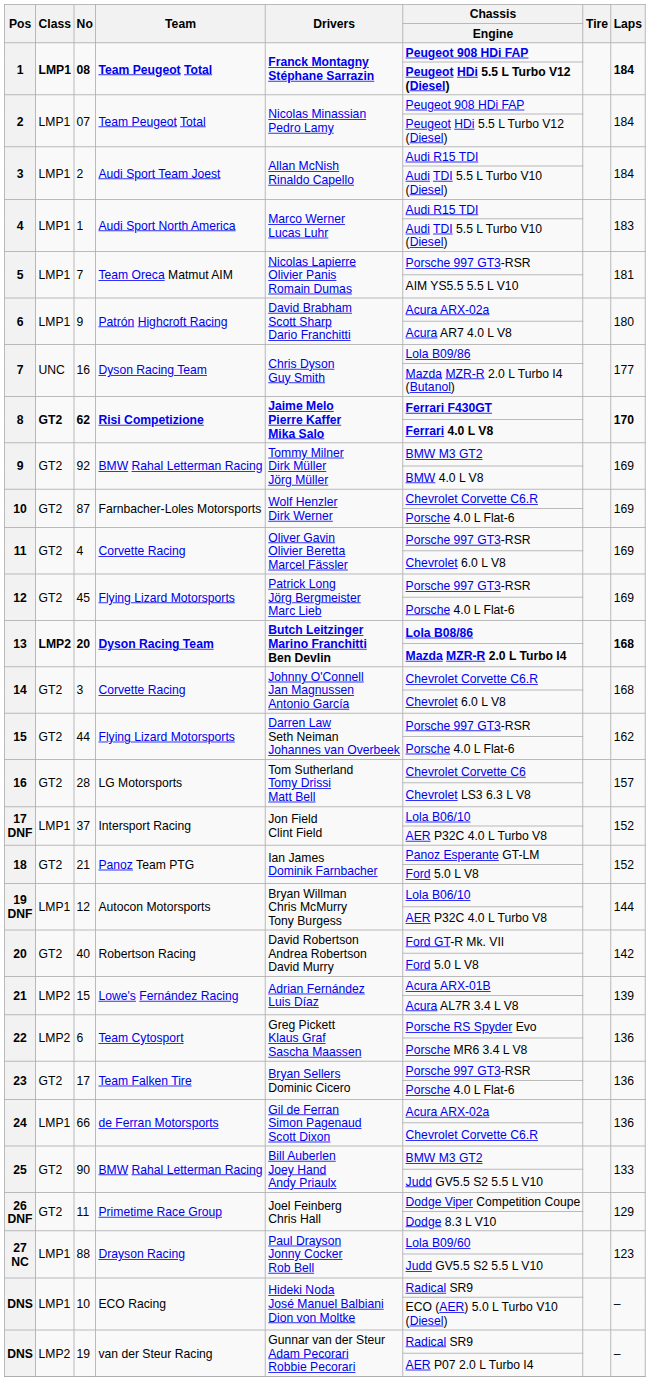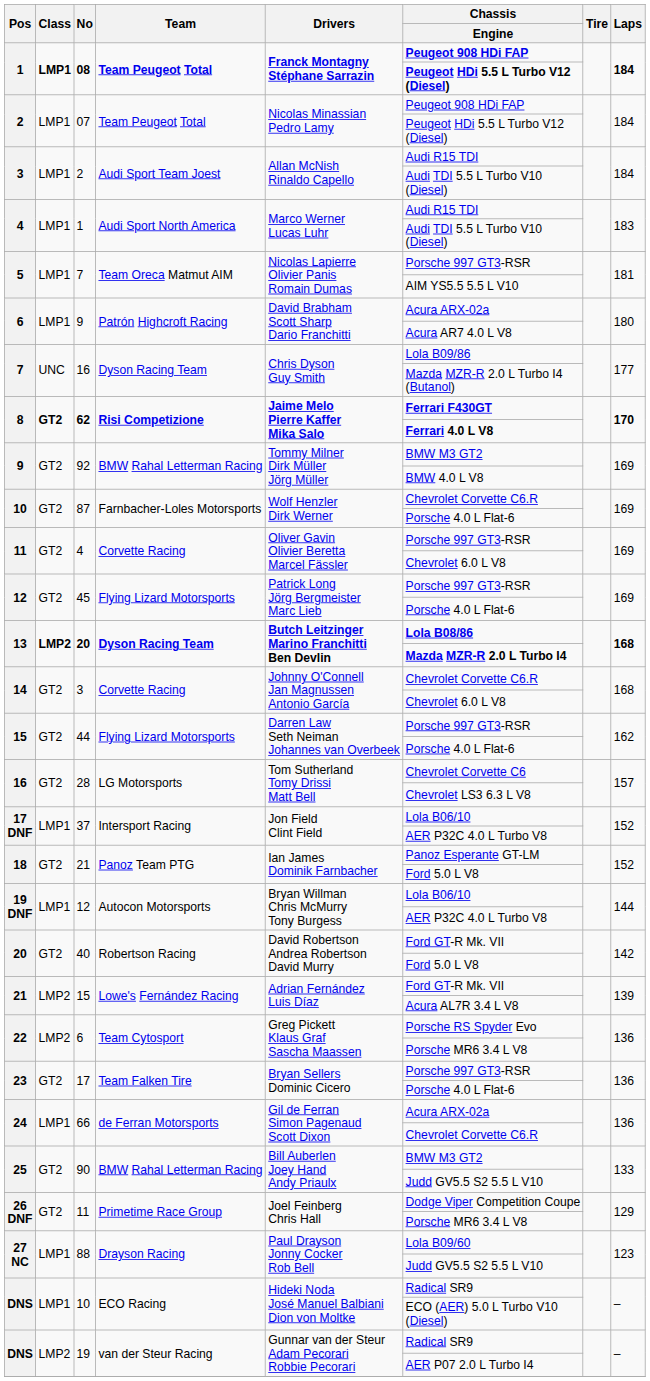 <table class="wikitable" style="font-size: 95%;">
 <tr>
 <th rowspan=2>Pos</th>
 <th rowspan=2>Class</th>
 <th rowspan=2>No</th>
 <th rowspan=2>Team</th>
 <th rowspan=2>Drivers</th>
 <th>Chassis</th>
 <th rowspan=2>Tire</th>
 <th rowspan=2>Laps</th>
 </tr>
 <tr>
 <th>Engine</th>
 </tr>
 <tr style="font-weight:bold">
 <th rowspan=2>1</th>
 <td rowspan=2>LMP1</td>
 <td rowspan=2>08</td>
 <td rowspan=2> <a href='#'>Team Peugeot</a> <a href='#'>Total</a></td>
 <td rowspan=2> <a href='#'>Franck Montagny</a><br> <a href='#'>Stéphane Sarrazin</a></td>
 <td><a href='#'>Peugeot 908 HDi FAP</a></td>
 <td rowspan=2></td>
 <td rowspan=2>184</td>
 </tr>
 <tr style="font-weight:bold">
 <td><a href='#'>Peugeot</a> <a href='#'>HDi</a> 5.5 L Turbo V12<br>(<a href='#'>Diesel</a>)</td>
 </tr>
 <tr>
 <th rowspan=2>2</th>
 <td rowspan=2>LMP1</td>
 <td rowspan=2>07</td>
 <td rowspan=2> <a href='#'>Team Peugeot</a> <a href='#'>Total</a></td>
 <td rowspan=2> <a href='#'>Nicolas Minassian</a><br> <a href='#'>Pedro Lamy</a></td>
 <td><a href='#'>Peugeot 908 HDi FAP</a></td>
 <td rowspan=2></td>
 <td rowspan=2>184</td>
 </tr>
 <tr>
 <td><a href='#'>Peugeot</a> <a href='#'>HDi</a> 5.5 L Turbo V12<br>(<a href='#'>Diesel</a>)</td>
 </tr>
 <tr>
 <th rowspan=2>3</th>
 <td rowspan=2>LMP1</td>
 <td rowspan=2>2</td>
 <td rowspan=2> <a href='#'>Audi Sport Team Joest</a></td>
 <td rowspan=2> <a href='#'>Allan McNish</a><br> <a href='#'>Rinaldo Capello</a></td>
 <td><a href='#'>Audi R15 TDI</a></td>
 <td rowspan=2></td>
 <td rowspan=2>184</td>
 </tr>
 <tr>
 <td><a href='#'>Audi</a> <a href='#'>TDI</a> 5.5 L Turbo V10<br>(<a href='#'>Diesel</a>)</td>
 </tr>
 <tr>
 <th rowspan=2>4</th>
 <td rowspan=2>LMP1</td>
 <td rowspan=2>1</td>
 <td rowspan=2> <a href='#'>Audi Sport North America</a></td>
 <td rowspan=2> <a href='#'>Marco Werner</a><br> <a href='#'>Lucas Luhr</a></td>
 <td><a href='#'>Audi R15 TDI</a></td>
 <td rowspan=2></td>
 <td rowspan=2>183</td>
 </tr>
 <tr>
 <td><a href='#'>Audi</a> <a href='#'>TDI</a> 5.5 L Turbo V10<br>(<a href='#'>Diesel</a>)</td>
 </tr>
 <tr>
 <th rowspan=2>5</th>
 <td rowspan=2>LMP1</td>
 <td rowspan=2>7</td>
 <td rowspan=2> <a href='#'>Team Oreca</a> Matmut AIM</td>
 <td rowspan=2> <a href='#'>Nicolas Lapierre</a><br> <a href='#'>Olivier Panis</a><br> <a href='#'>Romain Dumas</a></td>
 <td><a href='#'>Porsche 997 GT3</a>-RSR</td>
 <td rowspan=2></td>
 <td rowspan=2>181</td>
 </tr>
 <tr>
 <td>AIM YS5.5 5.5 L V10</td>
 </tr>
 <tr>
 <th rowspan=2>6</th>
 <td rowspan=2>LMP1</td>
 <td rowspan=2>9</td>
 <td rowspan=2> <a href='#'>Patrón</a> <a href='#'>Highcroft Racing</a></td>
 <td rowspan=2> <a href='#'>David Brabham</a><br> <a href='#'>Scott Sharp</a><br> <a href='#'>Dario Franchitti</a></td>
 <td><a href='#'>Acura ARX-02a</a></td>
 <td rowspan=2></td>
 <td rowspan=2>180</td>
 </tr>
 <tr>
 <td><a href='#'>Acura</a> AR7 4.0 L V8</td>
 </tr>
 <tr>
 <th rowspan=2>7</th>
 <td rowspan=2>UNC</td>
 <td rowspan=2>16</td>
 <td rowspan=2> <a href='#'>Dyson Racing Team</a></td>
 <td rowspan=2> <a href='#'>Chris Dyson</a><br> <a href='#'>Guy Smith</a></td>
 <td><a href='#'>Lola B09/86</a></td>
 <td rowspan=2></td>
 <td rowspan=2>177</td>
 </tr>
 <tr>
 <td><a href='#'>Mazda</a> <a href='#'>MZR-R</a> 2.0 L Turbo I4<br>(<a href='#'>Butanol</a>)</td>
 </tr>
 <tr style="font-weight:bold">
 <th rowspan=2>8</th>
 <td rowspan=2>GT2</td>
 <td rowspan=2>62</td>
 <td rowspan=2> <a href='#'>Risi Competizione</a></td>
 <td rowspan=2> <a href='#'>Jaime Melo</a><br> <a href='#'>Pierre Kaffer</a><br> <a href='#'>Mika Salo</a></td>
 <td><a href='#'>Ferrari F430GT</a></td>
 <td rowspan=2></td>
 <td rowspan=2>170</td>
 </tr>
 <tr style="font-weight:bold">
 <td><a href='#'>Ferrari</a> 4.0 L V8</td>
 </tr>
 <tr>
 <th rowspan=2>9</th>
 <td rowspan=2>GT2</td>
 <td rowspan=2>92</td>
 <td rowspan=2> <a href='#'>BMW</a> <a href='#'>Rahal Letterman Racing</a></td>
 <td rowspan=2> <a href='#'>Tommy Milner</a><br> <a href='#'>Dirk Müller</a><br> <a href='#'>Jörg Müller</a></td>
 <td><a href='#'>BMW M3 GT2</a></td>
 <td rowspan=2></td>
 <td rowspan=2>169</td>
 </tr>
 <tr>
 <td><a href='#'>BMW</a> 4.0 L V8</td>
 </tr>
 <tr>
 <th rowspan=2>10</th>
 <td rowspan=2>GT2</td>
 <td rowspan=2>87</td>
 <td rowspan=2> Farnbacher-Loles Motorsports</td>
 <td rowspan=2> <a href='#'>Wolf Henzler</a><br> <a href='#'>Dirk Werner</a></td>
 <td><a href='#'>Chevrolet Corvette C6.R</a></td>
 <td rowspan=2></td>
 <td rowspan=2>169</td>
 </tr>
 <tr>
 <td><a href='#'>Porsche</a> 4.0 L Flat-6</td>
 </tr>
 <tr>
 <th rowspan=2>11</th>
 <td rowspan=2>GT2</td>
 <td rowspan=2>4</td>
 <td rowspan=2> <a href='#'>Corvette Racing</a></td>
 <td rowspan=2> <a href='#'>Oliver Gavin</a><br> <a href='#'>Olivier Beretta</a><br> <a href='#'>Marcel Fässler</a></td>
 <td><a href='#'>Porsche 997 GT3</a>-RSR</td>
 <td rowspan=2></td>
 <td rowspan=2>169</td>
 </tr>
 <tr>
 <td><a href='#'>Chevrolet</a> 6.0 L V8</td>
 </tr>
 <tr>
 <th rowspan=2>12</th>
 <td rowspan=2>GT2</td>
 <td rowspan=2>45</td>
 <td rowspan=2> <a href='#'>Flying Lizard Motorsports</a></td>
 <td rowspan=2> <a href='#'>Patrick Long</a><br> <a href='#'>Jörg Bergmeister</a><br> <a href='#'>Marc Lieb</a></td>
 <td><a href='#'>Porsche 997 GT3</a>-RSR</td>
 <td rowspan=2></td>
 <td rowspan=2>169</td>
 </tr>
 <tr>
 <td><a href='#'>Porsche</a> 4.0 L Flat-6</td>
 </tr>
 <tr style="font-weight:bold">
 <th rowspan=2>13</th>
 <td rowspan=2>LMP2</td>
 <td rowspan=2>20</td>
 <td rowspan=2> <a href='#'>Dyson Racing Team</a></td>
 <td rowspan=2> <a href='#'>Butch Leitzinger</a><br> <a href='#'>Marino Franchitti</a><br> Ben Devlin</td>
 <td><a href='#'>Lola B08/86</a></td>
 <td rowspan=2></td>
 <td rowspan=2>168</td>
 </tr>
 <tr style="font-weight:bold">
 <td><a href='#'>Mazda</a> <a href='#'>MZR-R</a> 2.0 L Turbo I4</td>
 </tr>
 <tr>
 <th rowspan=2>14</th>
 <td rowspan=2>GT2</td>
 <td rowspan=2>3</td>
 <td rowspan=2> <a href='#'>Corvette Racing</a></td>
 <td rowspan=2> <a href='#'>Johnny O'Connell</a><br> <a href='#'>Jan Magnussen</a><br> <a href='#'>Antonio García</a></td>
 <td><a href='#'>Chevrolet Corvette C6.R</a></td>
 <td rowspan=2></td>
 <td rowspan=2>168</td>
 </tr>
 <tr>
 <td><a href='#'>Chevrolet</a> 6.0 L V8</td>
 </tr>
 <tr>
 <th rowspan=2>15</th>
 <td rowspan=2>GT2</td>
 <td rowspan=2>44</td>
 <td rowspan=2> <a href='#'>Flying Lizard Motorsports</a></td>
 <td rowspan=2> <a href='#'>Darren Law</a><br> Seth Neiman<br> <a href='#'>Johannes van Overbeek</a></td>
 <td><a href='#'>Porsche 997 GT3</a>-RSR</td>
 <td rowspan=2></td>
 <td rowspan=2>162</td>
 </tr>
 <tr>
 <td><a href='#'>Porsche</a> 4.0 L Flat-6</td>
 </tr>
 <tr>
 <th rowspan=2>16</th>
 <td rowspan=2>GT2</td>
 <td rowspan=2>28</td>
 <td rowspan=2> LG Motorsports</td>
 <td rowspan=2> Tom Sutherland<br> <a href='#'>Tomy Drissi</a><br> <a href='#'>Matt Bell</a></td>
 <td><a href='#'>Chevrolet Corvette C6</a></td>
 <td rowspan=2></td>
 <td rowspan=2>157</td>
 </tr>
 <tr>
 <td><a href='#'>Chevrolet</a> LS3 6.3 L V8</td>
 </tr>
 <tr>
 <th rowspan=2>17<br>DNF</th>
 <td rowspan=2>LMP1</td>
 <td rowspan=2>37</td>
 <td rowspan=2> Intersport Racing</td>
 <td rowspan=2> Jon Field<br> Clint Field</td>
 <td><a href='#'>Lola B06/10</a></td>
 <td rowspan=2></td>
 <td rowspan=2>152</td>
 </tr>
 <tr>
 <td><a href='#'>AER</a> P32C 4.0 L Turbo V8</td>
 </tr>
 <tr>
 <th rowspan=2>18</th>
 <td rowspan=2>GT2</td>
 <td rowspan=2>21</td>
 <td rowspan=2> <a href='#'>Panoz</a> Team PTG</td>
 <td rowspan=2> Ian James<br> <a href='#'>Dominik Farnbacher</a></td>
 <td><a href='#'>Panoz Esperante</a> GT-LM</td>
 <td rowspan=2></td>
 <td rowspan=2>152</td>
 </tr>
 <tr>
 <td><a href='#'>Ford</a> 5.0 L V8</td>
 </tr>
 <tr>
 <th rowspan=2>19<br>DNF</th>
 <td rowspan=2>LMP1</td>
 <td rowspan=2>12</td>
 <td rowspan=2> Autocon Motorsports</td>
 <td rowspan=2> Bryan Willman<br> Chris McMurry<br> Tony Burgess</td>
 <td><a href='#'>Lola B06/10</a></td>
 <td rowspan=2></td>
 <td rowspan=2>144</td>
 </tr>
 <tr>
 <td><a href='#'>AER</a> P32C 4.0 L Turbo V8</td>
 </tr>
 <tr>
 <th rowspan=2>20</th>
 <td rowspan=2>GT2</td>
 <td rowspan=2>40</td>
 <td rowspan=2> Robertson Racing</td>
 <td rowspan=2> David Robertson<br> Andrea Robertson<br> David Murry</td>
 <td><a href='#'>Ford GT</a>-R Mk. VII</td>
 <td rowspan=2></td>
 <td rowspan=2>142</td>
 </tr>
 <tr>
 <td><a href='#'>Ford</a> 5.0 L V8</td>
 </tr>
 <tr>
 <th rowspan=2>21</th>
 <td rowspan=2>LMP2</td>
 <td rowspan=2>15</td>
 <td rowspan=2> <a href='#'>Lowe's</a> <a href='#'>Fernández Racing</a></td>
 <td rowspan=2> <a href='#'>Adrian Fernández</a><br> <a href='#'>Luis Díaz</a></td>
-<td><a href='#'>Acura ARX-01B</a></td>
+<td><a href='#'>Ford GT</a>-R Mk. VII</td>
 <td rowspan=2></td>
 <td rowspan=2>139</td>
 </tr>
 <tr>
 <td><a href='#'>Acura</a> AL7R 3.4 L V8</td>
 </tr>
 <tr>
 <th rowspan=2>22</th>
 <td rowspan=2>LMP2</td>
 <td rowspan=2>6</td>
 <td rowspan=2> <a href='#'>Team Cytosport</a></td>
 <td rowspan=2> Greg Pickett<br> <a href='#'>Klaus Graf</a><br> <a href='#'>Sascha Maassen</a></td>
 <td><a href='#'>Porsche RS Spyder</a> Evo</td>
 <td rowspan=2></td>
 <td rowspan=2>136</td>
 </tr>
 <tr>
 <td><a href='#'>Porsche</a> MR6 3.4 L V8</td>
 </tr>
 <tr>
 <th rowspan=2>23</th>
 <td rowspan=2>GT2</td>
 <td rowspan=2>17</td>
 <td rowspan=2> <a href='#'>Team Falken Tire</a></td>
 <td rowspan=2> <a href='#'>Bryan Sellers</a><br> Dominic Cicero</td>
 <td><a href='#'>Porsche 997 GT3</a>-RSR</td>
 <td rowspan=2></td>
 <td rowspan=2>136</td>
 </tr>
 <tr>
 <td><a href='#'>Porsche</a> 4.0 L Flat-6</td>
 </tr>
 <tr>
 <th rowspan=2>24</th>
 <td rowspan=2>LMP1</td>
 <td rowspan=2>66</td>
 <td rowspan=2> <a href='#'>de Ferran Motorsports</a></td>
 <td rowspan=2> <a href='#'>Gil de Ferran</a><br> <a href='#'>Simon Pagenaud</a><br> <a href='#'>Scott Dixon</a></td>
 <td><a href='#'>Acura ARX-02a</a></td>
 <td rowspan=2></td>
 <td rowspan=2>136</td>
 </tr>
 <tr>
 <td><a href='#'>Chevrolet Corvette C6.R</a></td>
 </tr>
 <tr>
 <th rowspan=2>25</th>
 <td rowspan=2>GT2</td>
 <td rowspan=2>90</td>
 <td rowspan=2> <a href='#'>BMW</a> <a href='#'>Rahal Letterman Racing</a></td>
 <td rowspan=2> <a href='#'>Bill Auberlen</a><br> <a href='#'>Joey Hand</a><br> <a href='#'>Andy Priaulx</a></td>
 <td><a href='#'>BMW M3 GT2</a></td>
 <td rowspan=2></td>
 <td rowspan=2>133</td>
 </tr>
 <tr>
 <td><a href='#'>Judd</a> GV5.5 S2 5.5 L V10</td>
 </tr>
 <tr>
 <th rowspan=2>26<br>DNF</th>
 <td rowspan=2>GT2</td>
 <td rowspan=2>11</td>
 <td rowspan=2> <a href='#'>Primetime Race Group</a></td>
 <td rowspan=2> Joel Feinberg<br> Chris Hall</td>
 <td><a href='#'>Dodge Viper</a> Competition Coupe</td>
 <td rowspan=2></td>
 <td rowspan=2>129</td>
 </tr>
 <tr>
-<td><a href='#'>Dodge</a> 8.3 L V10</td>
+<td><a href='#'>Porsche</a> MR6 3.4 L V8</td>
 </tr>
 <tr>
 <th rowspan=2>27<br>NC</th>
 <td rowspan=2>LMP1</td>
 <td rowspan=2>88</td>
 <td rowspan=2> <a href='#'>Drayson Racing</a></td>
 <td rowspan=2> <a href='#'>Paul Drayson</a><br> <a href='#'>Jonny Cocker</a><br> <a href='#'>Rob Bell</a></td>
 <td><a href='#'>Lola B09/60</a></td>
 <td rowspan=2></td>
 <td rowspan=2>123</td>
 </tr>
 <tr>
 <td><a href='#'>Judd</a> GV5.5 S2 5.5 L V10</td>
 </tr>
 <tr>
 <th rowspan=2>DNS</th>
 <td rowspan=2>LMP1</td>
 <td rowspan=2>10</td>
 <td rowspan=2> ECO Racing</td>
 <td rowspan=2> <a href='#'>Hideki Noda</a><br> <a href='#'>José Manuel Balbiani</a><br> <a href='#'>Dion von Moltke</a></td>
 <td><a href='#'>Radical</a> SR9</td>
 <td rowspan=2></td>
 <td rowspan=2>–</td>
 </tr>
 <tr>
 <td>ECO (<a href='#'>AER</a>) 5.0 L Turbo V10<br>(<a href='#'>Diesel</a>)</td>
 </tr>
 <tr>
 <th rowspan=2>DNS</th>
 <td rowspan=2>LMP2</td>
 <td rowspan=2>19</td>
 <td rowspan=2> van der Steur Racing</td>
 <td rowspan=2> Gunnar van der Steur<br> <a href='#'>Adam Pecorari</a><br> <a href='#'>Robbie Pecorari</a></td>
 <td><a href='#'>Radical</a> SR9</td>
 <td rowspan=2></td>
 <td rowspan=2>–</td>
 </tr>
 <tr>
 <td><a href='#'>AER</a> P07 2.0 L Turbo I4</td>
 </tr>
 <tr>
 </tr>
 </table>
